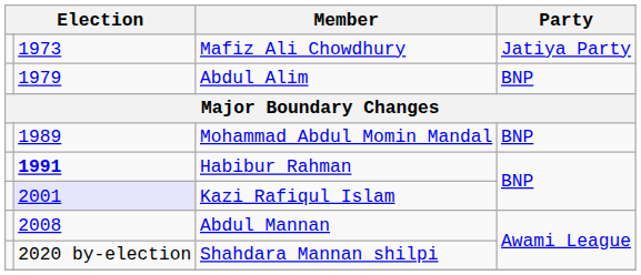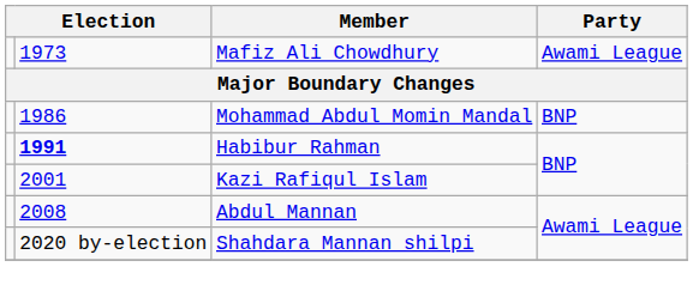 <table class="wikitable">
 <tr>
 <th colspan="2">Election</th>
 <th>Member</th>
 <th>Party</th>
 </tr>
 <tr>
 <td style="background-color:"></td>
 <td><a href='#'>1973</a></td>
 <td><a href='#'>Mafiz Ali Chowdhury</a></td>
-<td><a href='#'>Jatiya Party</a></td>
-</tr>
-<tr>
-<td style="background-color:"></td>
-<td><a href='#'>1979</a></td>
-<td><a href='#'>Abdul Alim</a></td>
-<td><a href='#'>BNP</a></td>
+<td><a href='#'>Awami League</a></td>
 </tr>
 <tr>
 <th colspan="4">Major Boundary Changes</th>
 </tr>
 <tr>
 <td style="background-color:"></td>
-<td><a href='#'>1989</a></td>
+<td><a href='#'>1986</a></td>
 <td><a href='#'>Mohammad Abdul Momin Mandal</a></td>
 <td><a href='#'>BNP</a></td>
 </tr>
 <tr>
 <td style="background-color:"></td>
 <td><strong><a href='#'>1991</a></strong></td>
 <td><a href='#'>Habibur Rahman</a></td>
 <td rowspan="2"><a href='#'>BNP</a></td>
 </tr>
 <tr>
 <td style="background-color:"></td>
-<td style="background: lavender;"><a href='#'>2001</a></td>
+<td><a href='#'>2001</a></td>
 <td><a href='#'>Kazi Rafiqul Islam</a></td>
 </tr>
 <tr>
 <td style="background-color:"></td>
 <td><a href='#'>2008</a></td>
 <td><a href='#'>Abdul Mannan</a></td>
 <td rowspan="2"><a href='#'>Awami League</a></td>
 </tr>
 <tr>
 <td style="background-color:"></td>
 <td>2020 by-election</td>
 <td><a href='#'>Shahdara Mannan shilpi</a></td>
 </tr>
 <tr>
 </tr>
 </table>
